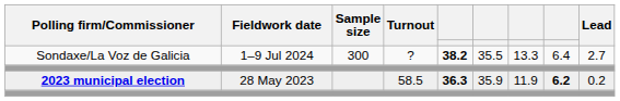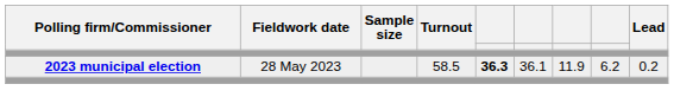 <table class="wikitable collapsible collapsed" style="text-align:center; font-size:95%; line-height:16px;">
 <tr style="height:42px;">
 <th style="width:250px;" rowspan="2">Polling firm/Commissioner</th>
 <th style="width:125px;" rowspan="2">Fieldwork date</th>
 <th style="width:50px;" rowspan="2">Sample size</th>
 <th style="width:45px;" rowspan="2">Turnout</th>
 <th style="width:35px;"></th>
 <th style="width:35px;"></th>
 <th style="width:35px;"></th>
 <th style="width:35px;"></th>
 <th style="width:30px;" rowspan="2">Lead</th>
 </tr>
 <tr>
 <th style="color:inherit;background:"></th>
 <th style="color:inherit;background:"></th>
 <th style="color:inherit;background:"></th>
 <th style="color:inherit;background:"></th>
 </tr>
 <tr>
-<td>Sondaxe/La Voz de Galicia</td>
-<td>1–9 Jul 2024</td>
-<td>300</td>
-<td>?</td>
-<td><strong>38.2</strong><br></td>
-<td>35.5<br></td>
-<td>13.3<br></td>
-<td>6.4<br></td>
-<td style="background:">2.7</td>
-</tr>
-<tr>
 <td colspan="9" style="background:#A0A0A0"></td>
 </tr>
 <tr style="background:#EFEFEF;">
 <td><strong><a href='#'>2023 municipal election</a></strong></td>
 <td>28 May 2023</td>
 <td></td>
 <td>58.5</td>
 <td><strong>36.3</strong><br></td>
-<td>35.9<br></td>
+<td>36.1<br></td>
 <td>11.9<br></td>
-<td><strong>6.2<br></strong></td>
+<td>6.2<br></td>
 <td style="background:">0.2</td>
 </tr>
 <tr>
 <td colspan="9" style="background:#A0A0A0"></td>
 </tr>
 </table>
